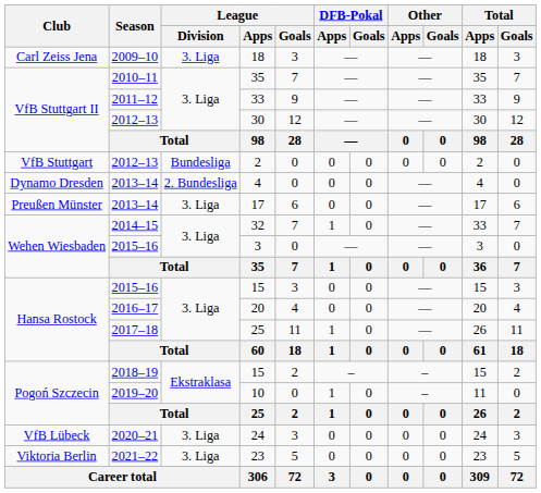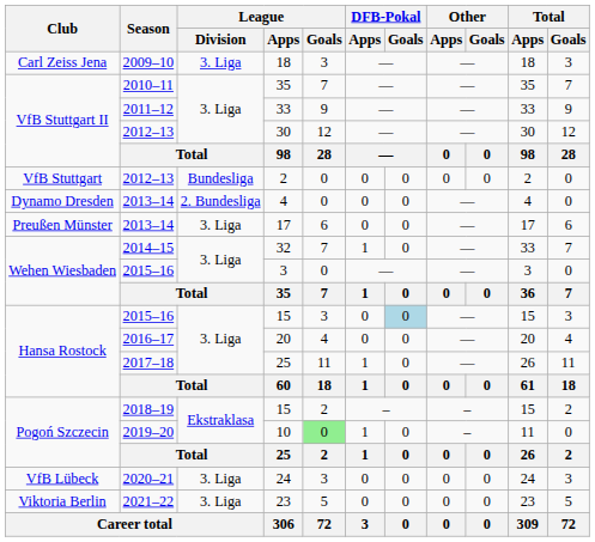 <table class=wikitable style="text-align:center">
 <tr>
 <th rowspan="2">Club</th>
 <th rowspan="2">Season</th>
 <th colspan="3">League</th>
 <th colspan="2"><a href='#'>DFB-Pokal</a></th>
 <th colspan="2">Other</th>
 <th colspan="2">Total</th>
 </tr>
 <tr>
 <th>Division</th>
 <th>Apps</th>
 <th>Goals</th>
 <th>Apps</th>
 <th>Goals</th>
 <th>Apps</th>
 <th>Goals</th>
 <th>Apps</th>
 <th>Goals</th>
 </tr>
 <tr>
 <td><a href='#'>Carl Zeiss Jena</a></td>
 <td><a href='#'>2009–10</a></td>
 <td><a href='#'>3. Liga</a></td>
 <td>18</td>
 <td>3</td>
 <td colspan="2">—</td>
 <td colspan="2">—</td>
 <td>18</td>
 <td>3</td>
 </tr>
 <tr>
 <td rowspan="4"><a href='#'>VfB Stuttgart II</a></td>
 <td><a href='#'>2010–11</a></td>
 <td rowspan="3">3. Liga</td>
 <td>35</td>
 <td>7</td>
 <td colspan="2">—</td>
 <td colspan="2">—</td>
 <td>35</td>
 <td>7</td>
 </tr>
 <tr>
 <td><a href='#'>2011–12</a></td>
 <td>33</td>
 <td>9</td>
 <td colspan="2">—</td>
 <td colspan="2">—</td>
 <td>33</td>
 <td>9</td>
 </tr>
 <tr>
 <td><a href='#'>2012–13</a></td>
 <td>30</td>
 <td>12</td>
 <td colspan="2">—</td>
 <td colspan="2">—</td>
 <td>30</td>
 <td>12</td>
 </tr>
 <tr>
 <th colspan="2">Total</th>
 <th>98</th>
 <th>28</th>
 <th colspan="2">—</th>
 <th>0</th>
 <th>0</th>
 <th>98</th>
 <th>28</th>
 </tr>
 <tr>
 <td><a href='#'>VfB Stuttgart</a></td>
 <td><a href='#'>2012–13</a></td>
 <td><a href='#'>Bundesliga</a></td>
 <td>2</td>
 <td>0</td>
 <td>0</td>
 <td>0</td>
 <td>0</td>
 <td>0</td>
 <td>2</td>
 <td>0</td>
 </tr>
 <tr>
 <td><a href='#'>Dynamo Dresden</a></td>
 <td><a href='#'>2013–14</a></td>
 <td><a href='#'>2. Bundesliga</a></td>
 <td>4</td>
 <td>0</td>
 <td>0</td>
 <td>0</td>
 <td colspan="2">—</td>
 <td>4</td>
 <td>0</td>
 </tr>
 <tr>
 <td><a href='#'>Preußen Münster</a></td>
 <td><a href='#'>2013–14</a></td>
 <td>3. Liga</td>
 <td>17</td>
 <td>6</td>
 <td>0</td>
 <td>0</td>
 <td colspan="2">—</td>
 <td>17</td>
 <td>6</td>
 </tr>
 <tr>
 <td rowspan="3"><a href='#'>Wehen Wiesbaden</a></td>
 <td><a href='#'>2014–15</a></td>
 <td rowspan="2">3. Liga</td>
 <td>32</td>
 <td>7</td>
 <td>1</td>
 <td>0</td>
 <td colspan="2">—</td>
 <td>33</td>
 <td>7</td>
 </tr>
 <tr>
 <td><a href='#'>2015–16</a></td>
 <td>3</td>
 <td>0</td>
 <td colspan="2">—</td>
 <td colspan="2">—</td>
 <td>3</td>
 <td>0</td>
 </tr>
 <tr>
 <th colspan="2">Total</th>
 <th>35</th>
 <th>7</th>
 <th>1</th>
 <th>0</th>
 <th>0</th>
 <th>0</th>
 <th>36</th>
 <th>7</th>
 </tr>
 <tr>
 <td rowspan="4"><a href='#'>Hansa Rostock</a></td>
 <td><a href='#'>2015–16</a></td>
 <td rowspan="3">3. Liga</td>
 <td>15</td>
 <td>3</td>
 <td>0</td>
-<td>0</td>
+<td style="background: lightblue;">0</td>
 <td colspan="2">—</td>
 <td>15</td>
 <td>3</td>
 </tr>
 <tr>
 <td><a href='#'>2016–17</a></td>
 <td>20</td>
 <td>4</td>
 <td>0</td>
 <td>0</td>
 <td colspan="2">—</td>
 <td>20</td>
 <td>4</td>
 </tr>
 <tr>
 <td><a href='#'>2017–18</a></td>
 <td>25</td>
 <td>11</td>
 <td>1</td>
 <td>0</td>
 <td colspan="2">—</td>
 <td>26</td>
 <td>11</td>
 </tr>
 <tr>
 <th colspan="2">Total</th>
 <th>60</th>
 <th>18</th>
 <th>1</th>
 <th>0</th>
 <th>0</th>
 <th>0</th>
 <th>61</th>
 <th>18</th>
 </tr>
 <tr>
 <td rowspan="3"><a href='#'>Pogoń Szczecin</a></td>
 <td><a href='#'>2018–19</a></td>
 <td rowspan="2"><a href='#'>Ekstraklasa</a></td>
 <td>15</td>
 <td>2</td>
 <td colspan="2">–</td>
 <td colspan="2">–</td>
 <td>15</td>
 <td>2</td>
 </tr>
 <tr>
 <td><a href='#'>2019–20</a></td>
 <td>10</td>
-<td>0</td>
+<td style="background: lightgreen;">0</td>
 <td>1</td>
 <td>0</td>
 <td colspan="2">–</td>
 <td>11</td>
 <td>0</td>
 </tr>
 <tr>
 <th colspan="2">Total</th>
 <th>25</th>
 <th>2</th>
 <th>1</th>
 <th>0</th>
 <th>0</th>
 <th>0</th>
 <th>26</th>
 <th>2</th>
 </tr>
 <tr>
 <td><a href='#'>VfB Lübeck</a></td>
 <td><a href='#'>2020–21</a></td>
 <td>3. Liga</td>
 <td>24</td>
 <td>3</td>
 <td>0</td>
 <td>0</td>
 <td>0</td>
 <td>0</td>
 <td>24</td>
 <td>3</td>
 </tr>
 <tr>
 <td><a href='#'>Viktoria Berlin</a></td>
 <td><a href='#'>2021–22</a></td>
 <td>3. Liga</td>
 <td>23</td>
 <td>5</td>
 <td>0</td>
 <td>0</td>
 <td>0</td>
 <td>0</td>
 <td>23</td>
 <td>5</td>
 </tr>
 <tr>
 <th colspan="3">Career total</th>
 <th>306</th>
 <th>72</th>
 <th>3</th>
 <th>0</th>
 <th>0</th>
 <th>0</th>
 <th>309</th>
 <th>72</th>
 </tr>
 </table>
